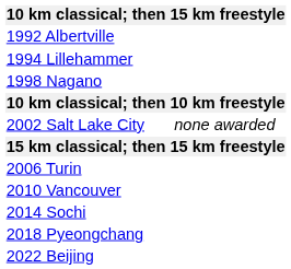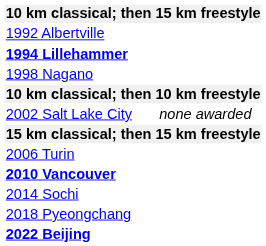 <table>
 <tr>
 <td colspan=4 align=center bgcolor=F0F0F0><strong>10 km classical; then 15 km freestyle</strong></td>
 </tr>
 <tr>
 <td><a href='#'>1992 Albertville</a><br></td>
 <td></td>
 <td></td>
 <td></td>
 </tr>
 <tr>
-<td><a href='#'>1994 Lillehammer</a><br></td>
+<td><strong><a href='#'>1994 Lillehammer</a><br></strong></td>
 <td></td>
 <td></td>
 <td></td>
 </tr>
 <tr>
 <td><a href='#'>1998 Nagano</a><br></td>
 <td></td>
 <td></td>
 <td></td>
 </tr>
 <tr>
 <td colspan=4 align=center bgcolor=F0F0F0><strong>10 km classical; then 10 km freestyle</strong></td>
 </tr>
 <tr valign="top">
 <td><a href='#'>2002 Salt Lake City</a><br></td>
 <td><br></td>
 <td align="center"><em>none awarded</em></td>
 <td></td>
 </tr>
 <tr>
 <td colspan=4 align=center bgcolor=F0F0F0><strong>15 km classical; then 15 km freestyle</strong></td>
 </tr>
 <tr>
 <td><a href='#'>2006 Turin</a><br></td>
 <td></td>
 <td></td>
 <td></td>
 </tr>
 <tr>
-<td><a href='#'>2010 Vancouver</a><br></td>
+<td><strong><a href='#'>2010 Vancouver</a><br></strong></td>
 <td></td>
 <td></td>
 <td></td>
 </tr>
 <tr>
 <td><a href='#'>2014 Sochi</a><br></td>
 <td></td>
 <td></td>
 <td></td>
 </tr>
 <tr>
 <td><a href='#'>2018 Pyeongchang</a><br></td>
 <td></td>
 <td></td>
 <td></td>
 </tr>
 <tr>
-<td><a href='#'>2022 Beijing</a> <br></td>
+<td><strong><a href='#'>2022 Beijing</a> <br></strong></td>
 <td></td>
 <td></td>
 <td></td>
 </tr>
 <tr>
 </tr>
 </table>
